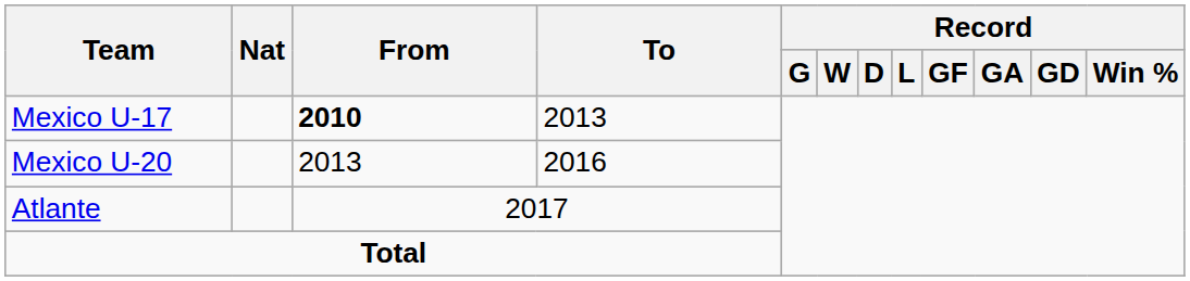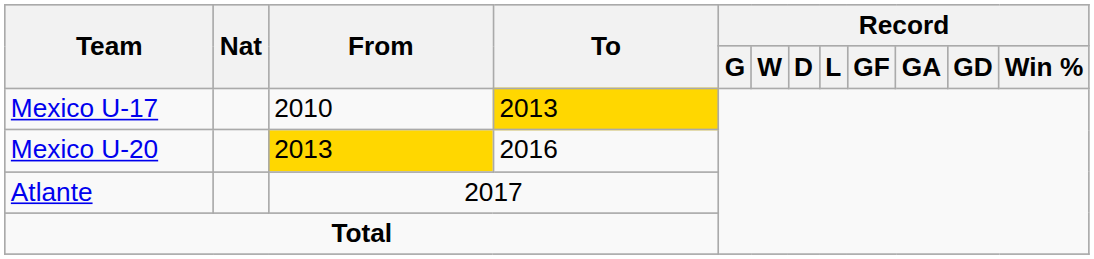 <table class="wikitable" style="text-align: center">
 <tr>
 <th rowspan="2" style="width:120px;">Team</th>
 <th rowspan="2" style="width:10px;">Nat</th>
 <th rowspan="2" style="width:130px;">From</th>
 <th rowspan="2" style="width:130px;">To</th>
 <th colspan="8">Record</th>
 </tr>
 <tr>
 <th>G</th>
 <th>W</th>
 <th>D</th>
 <th>L</th>
 <th>GF</th>
 <th>GA</th>
 <th>GD</th>
 <th>Win %</th>
 </tr>
 <tr>
 <td style="text-align:left;"><a href='#'>Mexico U-17</a></td>
 <td></td>
-<td style="text-align:left;"><strong>2010</strong></td>
-<td align="left">2013<br></td>
+<td style="text-align:left;">2010</td>
+<td align="left" style="background: gold;">2013<br></td>
 </tr>
 <tr>
 <td style="text-align:left;"><a href='#'>Mexico U-20</a></td>
 <td></td>
-<td style="text-align:left;">2013</td>
+<td style="background: gold; text-align:left;">2013</td>
 <td style="text-align:left;">2016<br></td>
 </tr>
 <tr>
 <td style="text-align:left;"><a href='#'>Atlante</a></td>
 <td></td>
 <td colspan="2">2017<br></td>
 </tr>
 <tr>
 <td colspan="4"><strong>Total</strong><br></td>
 </tr>
 </table>
